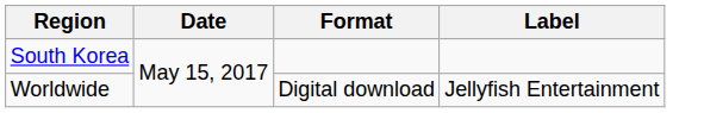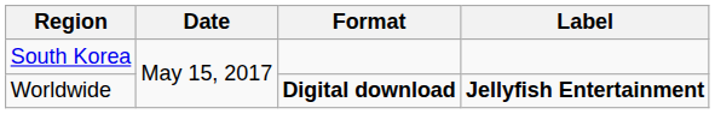 <table class = "wikitable">
 <tr>
 <th>Region</th>
 <th>Date</th>
 <th>Format</th>
 <th>Label</th>
 </tr>
 <tr>
 <td><a href='#'>South Korea</a></td>
 <td rowspan=2>May 15, 2017</td>
 <td></td>
 <td></td>
 </tr>
 <tr>
 <td>Worldwide</td>
-<td>Digital download</td>
-<td>Jellyfish Entertainment</td>
+<td><strong>Digital download</strong></td>
+<td><strong>Jellyfish Entertainment</strong></td>
 </tr>
 </table>
